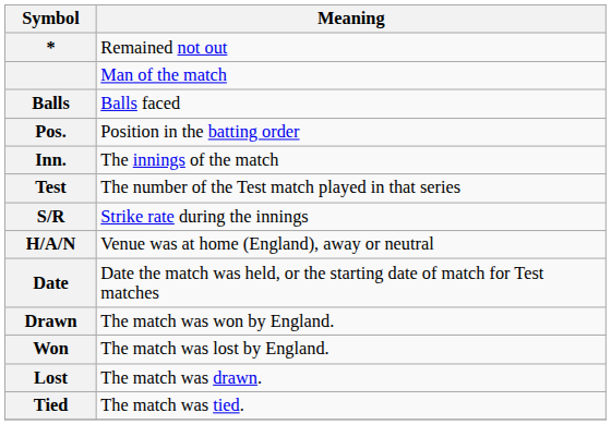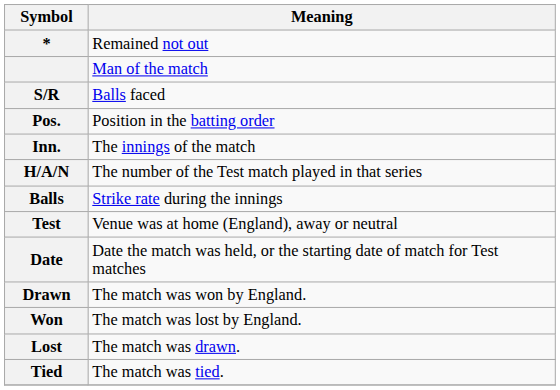 <table class="wikitable plainrowheaders">
 <tr>
 <th scope="col" style="width:75px">Symbol</th>
 <th scope="col" style="width:450px">Meaning</th>
 </tr>
 <tr>
 <th scope="row">*</th>
 <td>Remained <a href='#'>not out</a></td>
 </tr>
 <tr>
 <th scope="row"></th>
 <td><a href='#'>Man of the match</a></td>
 </tr>
 <tr>
-<th scope="row">Balls</th>
+<th scope="row">S/R</th>
 <td><a href='#'>Balls</a> faced</td>
 </tr>
 <tr>
 <th scope="row">Pos.</th>
 <td>Position in the <a href='#'>batting order</a></td>
 </tr>
 <tr>
 <th scope="row">Inn.</th>
 <td>The <a href='#'>innings</a> of the match</td>
 </tr>
 <tr>
-<th scope="row">Test</th>
+<th scope="row">H/A/N</th>
 <td>The number of the Test match played in that series</td>
 </tr>
 <tr>
-<th scope="row">S/R</th>
+<th scope="row">Balls</th>
 <td><a href='#'>Strike rate</a> during the innings</td>
 </tr>
 <tr>
-<th scope="row">H/A/N</th>
+<th scope="row">Test</th>
 <td>Venue was at home (England), away or neutral</td>
 </tr>
 <tr>
 <th scope="row">Date</th>
 <td>Date the match was held, or the starting date of match for Test matches</td>
 </tr>
 <tr>
 <th scope="row">Drawn</th>
 <td>The match was won by England.</td>
 </tr>
 <tr>
 <th scope="row">Won</th>
 <td>The match was lost by England.</td>
 </tr>
 <tr>
 <th scope="row">Lost</th>
 <td>The match was <a href='#'>drawn</a>.</td>
 </tr>
 <tr>
 <th scope="row">Tied</th>
 <td>The match was <a href='#'>tied</a>.</td>
 </tr>
 <tr>
 </tr>
 </table>
